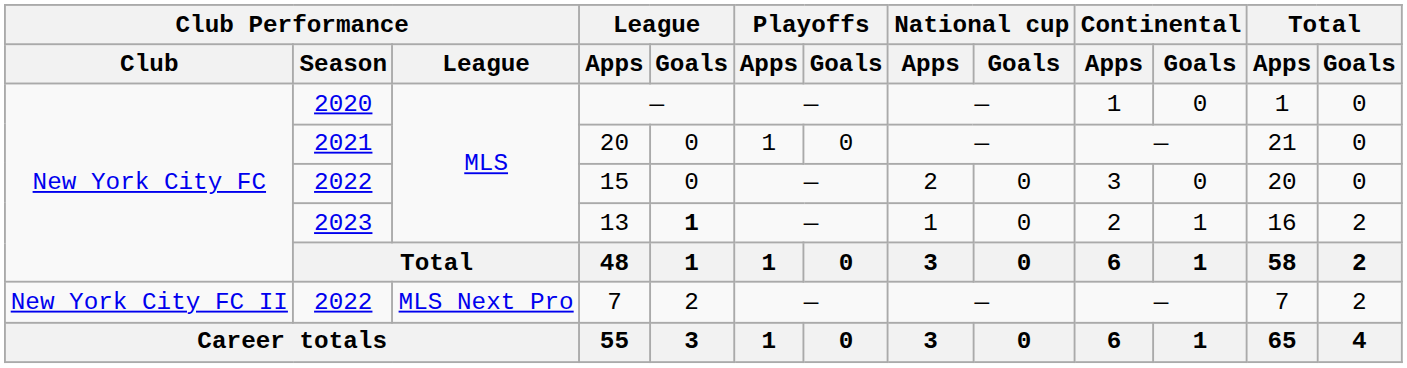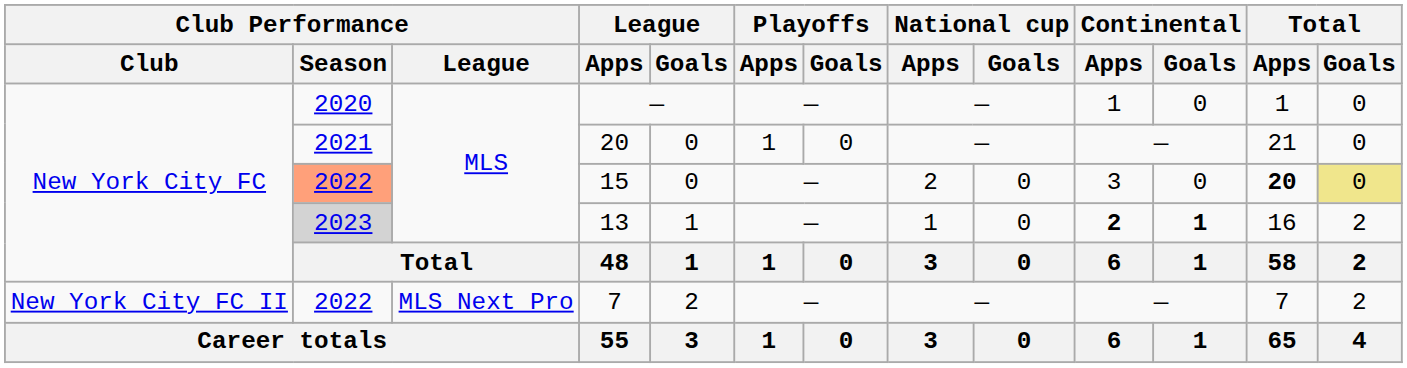 <table class="wikitable" style="text-align:center">
 <tr>
 <th colspan="3">Club Performance</th>
 <th colspan="2">League</th>
 <th colspan="2">Playoffs</th>
 <th colspan="2">National cup</th>
 <th colspan="2">Continental</th>
 <th colspan="2">Total</th>
 </tr>
 <tr>
 <th>Club</th>
 <th>Season</th>
 <th>League</th>
 <th>Apps</th>
 <th>Goals</th>
 <th>Apps</th>
 <th>Goals</th>
 <th>Apps</th>
 <th>Goals</th>
 <th>Apps</th>
 <th>Goals</th>
 <th>Apps</th>
 <th>Goals</th>
 </tr>
 <tr>
 <td rowspan="5"><a href='#'>New York City FC</a></td>
 <td><a href='#'>2020</a></td>
 <td rowspan="4"><a href='#'>MLS</a></td>
 <td colspan="2">—</td>
 <td colspan="2">—</td>
 <td colspan="2">—</td>
 <td>1</td>
 <td>0</td>
 <td>1</td>
 <td>0</td>
 </tr>
 <tr>
 <td><a href='#'>2021</a></td>
 <td>20</td>
 <td>0</td>
 <td>1</td>
 <td>0</td>
 <td colspan="2">—</td>
 <td colspan="2">—</td>
 <td>21</td>
 <td>0</td>
 </tr>
 <tr>
-<td><a href='#'>2022</a></td>
+<td style="background: lightsalmon;"><a href='#'>2022</a></td>
 <td>15</td>
 <td>0</td>
 <td colspan="2">—</td>
 <td>2</td>
 <td>0</td>
 <td>3</td>
 <td>0</td>
-<td>20</td>
-<td>0</td>
+<td><strong>20</strong></td>
+<td style="background: khaki;">0</td>
 </tr>
 <tr>
-<td><a href='#'>2023</a></td>
+<td style="background: lightgrey;"><a href='#'>2023</a></td>
 <td>13</td>
-<td><strong>1</strong></td>
+<td>1</td>
 <td colspan="2">—</td>
 <td>1</td>
 <td>0</td>
-<td>2</td>
-<td>1</td>
+<td><strong>2</strong></td>
+<td><strong>1</strong></td>
 <td>16</td>
 <td>2</td>
 </tr>
 <tr>
 <th colspan="2">Total</th>
 <th>48</th>
 <th>1</th>
 <th>1</th>
 <th>0</th>
 <th>3</th>
 <th>0</th>
 <th>6</th>
 <th>1</th>
 <th>58</th>
 <th>2</th>
 </tr>
 <tr>
 <td rowspan="1"><a href='#'>New York City FC II</a></td>
 <td><a href='#'>2022</a></td>
 <td rowspan="1"><a href='#'>MLS Next Pro</a></td>
 <td>7</td>
 <td>2</td>
 <td colspan="2">—</td>
 <td colspan="2">—</td>
 <td colspan="2">—</td>
 <td>7</td>
 <td>2</td>
 </tr>
 <tr>
 <th colspan="3">Career totals</th>
 <th>55</th>
 <th>3</th>
 <th>1</th>
 <th>0</th>
 <th>3</th>
 <th>0</th>
 <th>6</th>
 <th>1</th>
 <th>65</th>
 <th>4</th>
 </tr>
 </table>
